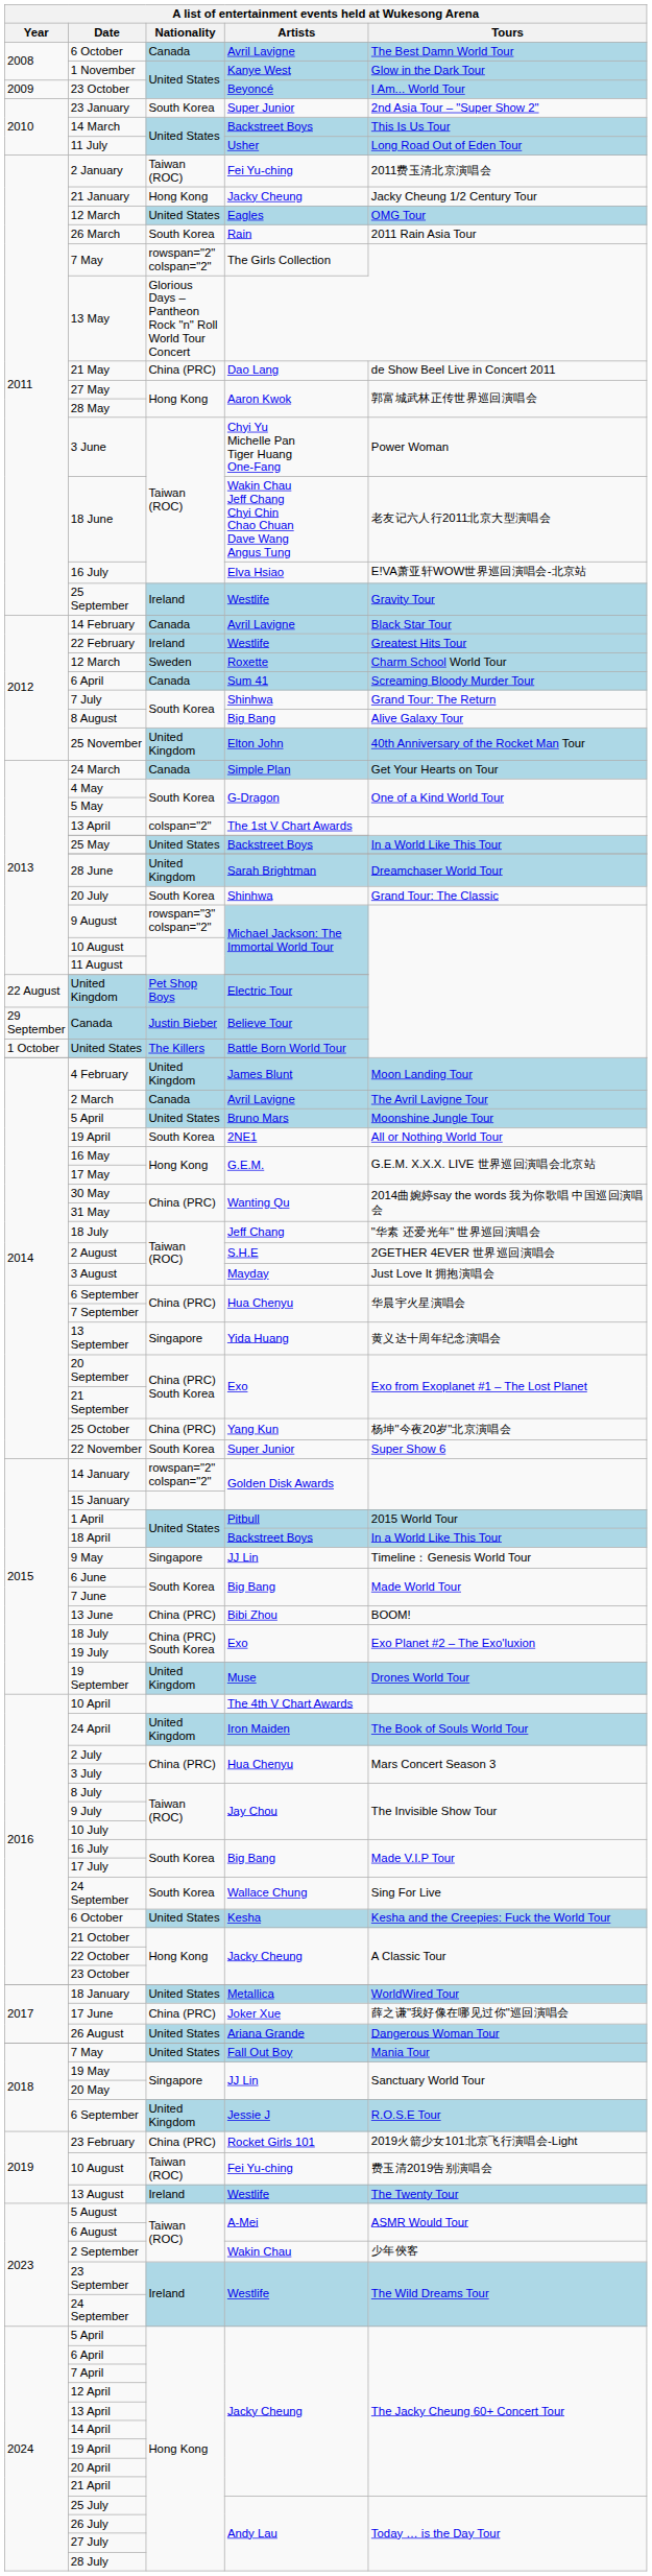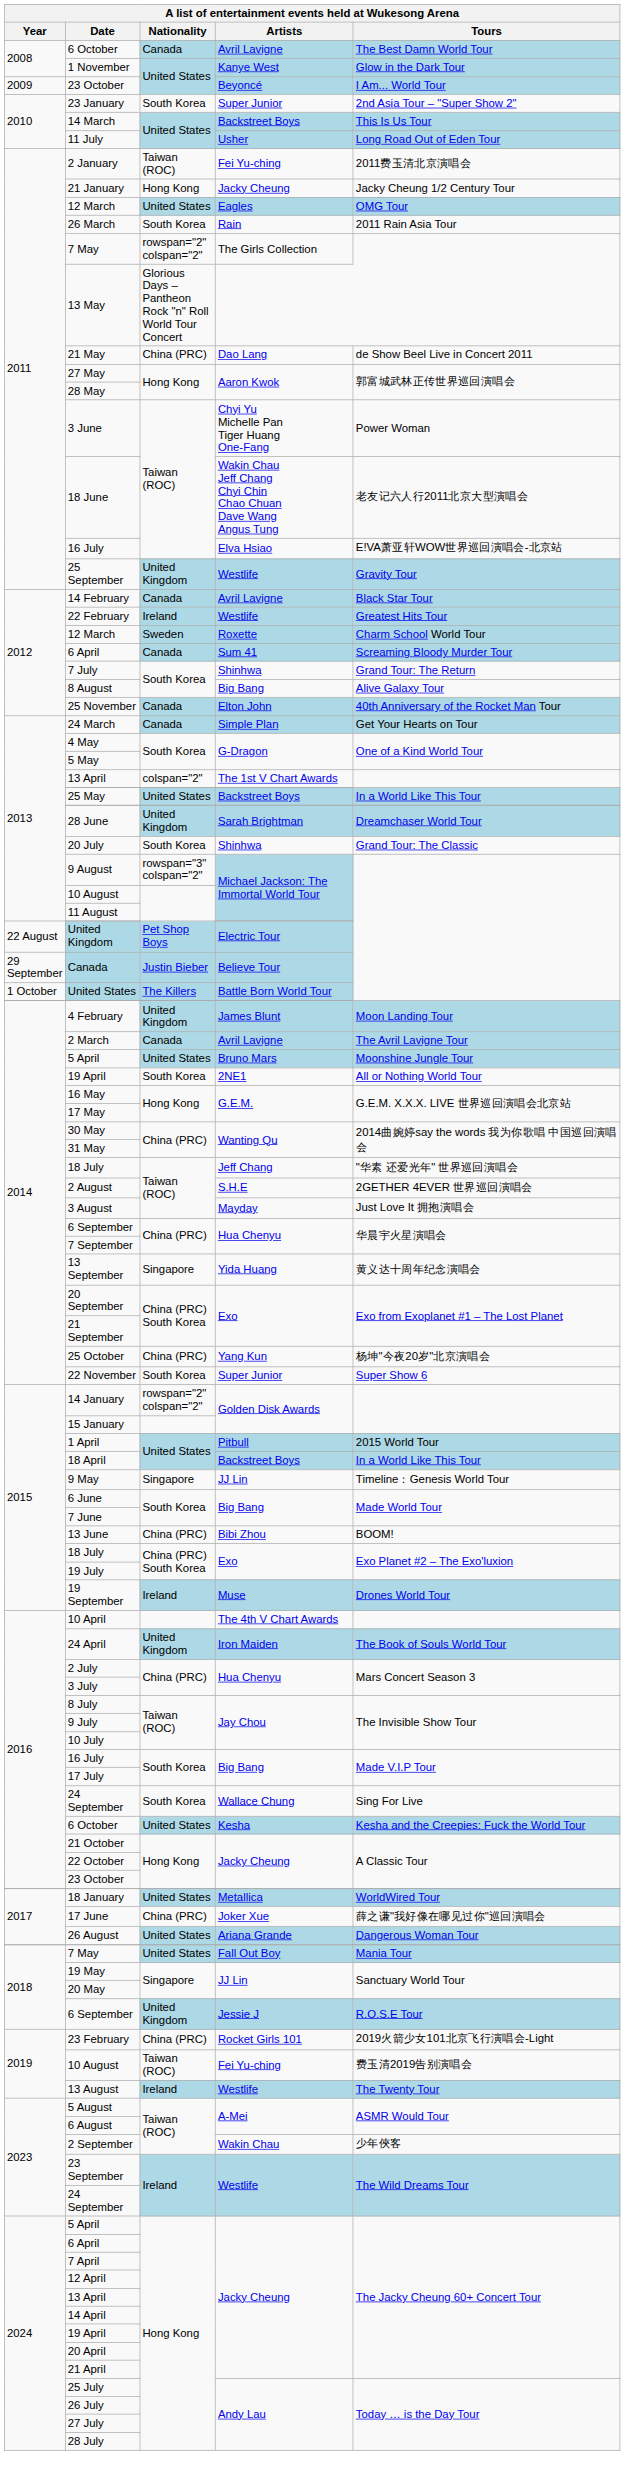 <table class="wikitable sortable">
 <tr>
 <th colspan=5>A list of entertainment events held at Wukesong Arena</th>
 </tr>
 <tr>
 <th width=50>Year</th>
 <th width=100>Date</th>
 <th width=100>Nationality</th>
 <th width=200>Artists</th>
 <th width=400>Tours</th>
 </tr>
 <tr>
 <td rowspan="2">2008</td>
 <td>6 October</td>
 <td style="background:lightblue;">Canada</td>
 <td style="background:lightblue;"><a href='#'>Avril Lavigne</a></td>
 <td style="background:lightblue;"><a href='#'>The Best Damn World Tour</a></td>
 </tr>
 <tr>
 <td>1 November</td>
 <td rowspan="2" style="background:lightblue;">United States</td>
 <td style="background:lightblue;"><a href='#'>Kanye West</a></td>
 <td style="background:lightblue;"><a href='#'>Glow in the Dark Tour</a></td>
 </tr>
 <tr>
 <td>2009</td>
 <td>23 October</td>
 <td style="background:lightblue;"><a href='#'>Beyoncé</a></td>
 <td style="background:lightblue;"><a href='#'>I Am... World Tour</a></td>
 </tr>
 <tr>
 <td rowspan="3">2010</td>
 <td>23 January</td>
 <td>South Korea</td>
 <td><a href='#'>Super Junior</a></td>
 <td><a href='#'>2nd Asia Tour – "Super Show 2"</a></td>
 </tr>
 <tr>
 <td>14 March</td>
 <td rowspan="2" style="background:lightblue;">United States</td>
 <td style="background:lightblue;"><a href='#'>Backstreet Boys</a></td>
 <td style="background:lightblue;"><a href='#'>This Is Us Tour</a></td>
 </tr>
 <tr>
 <td>11 July</td>
 <td style="background:lightblue;"><a href='#'>Usher</a></td>
 <td style="background:lightblue;"><a href='#'>Long Road Out of Eden Tour</a></td>
 </tr>
 <tr>
 <td rowspan="13">2011</td>
 <td>2 January</td>
 <td>Taiwan (ROC)</td>
 <td><a href='#'>Fei Yu-ching</a></td>
 <td>2011费玉清北京演唱会</td>
 </tr>
 <tr>
 <td>21 January</td>
 <td>Hong Kong</td>
 <td><a href='#'>Jacky Cheung</a></td>
 <td>Jacky Cheung 1/2 Century Tour</td>
 </tr>
 <tr>
 <td>12 March</td>
 <td style="background:lightblue;">United States</td>
 <td style="background:lightblue;"><a href='#'>Eagles</a></td>
 <td style="background:lightblue;"><a href='#'>OMG Tour</a></td>
 </tr>
 <tr>
 <td>26 March</td>
 <td>South Korea</td>
 <td><a href='#'>Rain</a></td>
 <td>2011 Rain Asia Tour</td>
 </tr>
 <tr>
 <td>7 May</td>
 <td>rowspan="2" colspan="2" </td>
 <td>The Girls Collection</td>
 </tr>
 <tr>
 <td>13 May</td>
 <td>Glorious Days – Pantheon Rock "n" Roll World Tour Concert</td>
 </tr>
 <tr>
 <td>21 May</td>
 <td>China (PRC)</td>
 <td><a href='#'>Dao Lang</a></td>
 <td>de Show Beel Live in Concert 2011</td>
 </tr>
 <tr>
 <td>27 May</td>
 <td rowspan="2">Hong Kong</td>
 <td rowspan="2"><a href='#'>Aaron Kwok</a></td>
 <td rowspan="2">郭富城武林正传世界巡回演唱会</td>
 </tr>
 <tr>
 <td>28 May</td>
 </tr>
 <tr>
 <td>3 June</td>
 <td rowspan="3">Taiwan (ROC)</td>
 <td><a href='#'>Chyi Yu</a><br>Michelle Pan<br>Tiger Huang<br><a href='#'>One-Fang</a></td>
 <td>Power Woman</td>
 </tr>
 <tr>
 <td>18 June</td>
 <td><a href='#'>Wakin Chau</a><br><a href='#'>Jeff Chang</a><br><a href='#'>Chyi Chin</a><br><a href='#'>Chao Chuan</a><br><a href='#'>Dave Wang</a><br><a href='#'>Angus Tung</a></td>
 <td>老友记六人行2011北京大型演唱会</td>
 </tr>
 <tr>
 <td>16 July</td>
 <td><a href='#'>Elva Hsiao</a></td>
 <td>E!VA萧亚轩WOW世界巡回演唱会-北京站</td>
 </tr>
 <tr>
 <td>25 September</td>
-<td style="background:lightblue;">Ireland</td>
+<td style="background:lightblue;">United Kingdom</td>
 <td style="background:lightblue;"><a href='#'>Westlife</a></td>
 <td style="background:lightblue;"><a href='#'>Gravity Tour</a></td>
 </tr>
 <tr>
 <td rowspan="7">2012</td>
 <td>14 February</td>
 <td style="background:lightblue;">Canada</td>
 <td style="background:lightblue;"><a href='#'>Avril Lavigne</a></td>
 <td style="background:lightblue;"><a href='#'>Black Star Tour</a></td>
 </tr>
 <tr>
 <td>22 February</td>
 <td style="background:lightblue;">Ireland</td>
 <td style="background:lightblue;"><a href='#'>Westlife</a></td>
 <td style="background:lightblue;"><a href='#'>Greatest Hits Tour</a></td>
 </tr>
 <tr>
 <td>12 March</td>
 <td style="background:lightblue;">Sweden</td>
 <td style="background:lightblue;"><a href='#'>Roxette</a></td>
 <td style="background:lightblue;"><a href='#'>Charm School</a> World Tour</td>
 </tr>
 <tr>
 <td>6 April</td>
 <td style="background:lightblue;">Canada</td>
 <td style="background:lightblue;"><a href='#'>Sum 41</a></td>
 <td style="background:lightblue;"><a href='#'>Screaming Bloody Murder Tour</a></td>
 </tr>
 <tr>
 <td>7 July</td>
 <td rowspan="2">South Korea</td>
 <td><a href='#'>Shinhwa</a></td>
 <td><a href='#'>Grand Tour: The Return</a></td>
 </tr>
 <tr>
 <td>8 August</td>
 <td><a href='#'>Big Bang</a></td>
 <td><a href='#'>Alive Galaxy Tour</a></td>
 </tr>
 <tr>
 <td>25 November</td>
-<td style="background:lightblue;">United Kingdom</td>
+<td style="background:lightblue;">Canada</td>
 <td style="background:lightblue;"><a href='#'>Elton John</a></td>
 <td style="background:lightblue;"><a href='#'>40th Anniversary of the Rocket Man</a> Tour</td>
 </tr>
 <tr>
 <td rowspan="13">2013</td>
 <td>24 March</td>
 <td style="background:lightblue;">Canada</td>
 <td style="background:lightblue;"><a href='#'>Simple Plan</a></td>
 <td style="background:lightblue;">Get Your Hearts on Tour</td>
 </tr>
 <tr>
 <td>4 May</td>
 <td rowspan="2">South Korea</td>
 <td rowspan="2"><a href='#'>G-Dragon</a></td>
 <td rowspan="2"><a href='#'>One of a Kind World Tour</a></td>
 </tr>
 <tr>
 <td>5 May</td>
 </tr>
 <tr>
 <td>13 April</td>
 <td>colspan="2" </td>
 <td><a href='#'>The 1st V Chart Awards</a></td>
 </tr>
 <tr>
 </tr>
 <tr>
 <td>25 May</td>
 <td style="background:lightblue;">United States</td>
 <td style="background:lightblue;"><a href='#'>Backstreet Boys</a></td>
 <td style="background:lightblue;"><a href='#'>In a World Like This Tour</a></td>
 </tr>
 <tr>
 </tr>
 <tr>
 <td>28 June</td>
 <td style="background:lightblue;">United Kingdom</td>
 <td style="background:lightblue;"><a href='#'>Sarah Brightman</a></td>
 <td style="background:lightblue;"><a href='#'>Dreamchaser World Tour</a></td>
 </tr>
 <tr>
 <td>20 July</td>
 <td>South Korea</td>
 <td><a href='#'>Shinhwa</a></td>
 <td><a href='#'>Grand Tour: The Classic</a></td>
 </tr>
 <tr>
 <td>9 August</td>
 <td>rowspan="3" colspan="2" </td>
 <td style="background:lightblue;" rowspan="3"><a href='#'>Michael Jackson: The Immortal World Tour</a></td>
 </tr>
 <tr>
 <td>10 August</td>
 </tr>
 <tr>
 <td>11 August</td>
 </tr>
 <tr>
 </tr>
 <tr>
 <td>22 August</td>
 <td style="background:lightblue;">United Kingdom</td>
 <td style="background:lightblue;"><a href='#'>Pet Shop Boys</a></td>
 <td style="background:lightblue;"><a href='#'>Electric Tour</a></td>
 </tr>
 <tr>
 <td>29 September</td>
 <td style="background:lightblue;">Canada</td>
 <td style="background:lightblue;"><a href='#'>Justin Bieber</a></td>
 <td style="background:lightblue;"><a href='#'>Believe Tour</a></td>
 </tr>
 <tr>
 <td>1 October</td>
 <td style="background:lightblue;">United States</td>
 <td style="background:lightblue;"><a href='#'>The Killers</a></td>
 <td style="background:lightblue;"><a href='#'>Battle Born World Tour</a></td>
 </tr>
 <tr>
 </tr>
 <tr>
 <td rowspan="18">2014</td>
 <td>4 February</td>
 <td style="background:lightblue;">United Kingdom</td>
 <td style="background:lightblue;"><a href='#'>James Blunt</a></td>
 <td style="background:lightblue;"><a href='#'>Moon Landing Tour</a></td>
 </tr>
 <tr>
 <td>2 March</td>
 <td style="background:lightblue;">Canada</td>
 <td style="background:lightblue;"><a href='#'>Avril Lavigne</a></td>
 <td style="background:lightblue;"><a href='#'>The Avril Lavigne Tour</a></td>
 </tr>
 <tr>
 <td>5 April</td>
 <td style="background:lightblue;">United States</td>
 <td style="background:lightblue;"><a href='#'>Bruno Mars</a></td>
 <td style="background:lightblue;"><a href='#'>Moonshine Jungle Tour</a></td>
 </tr>
 <tr>
 <td>19 April</td>
 <td>South Korea</td>
 <td><a href='#'>2NE1</a></td>
 <td><a href='#'>All or Nothing World Tour</a></td>
 </tr>
 <tr>
 <td>16 May</td>
 <td rowspan="2">Hong Kong</td>
 <td rowspan="2"><a href='#'>G.E.M.</a></td>
 <td rowspan="2">G.E.M. X.X.X. LIVE 世界巡回演唱会北京站</td>
 </tr>
 <tr>
 <td>17 May</td>
 </tr>
 <tr>
 <td>30 May</td>
 <td rowspan="2">China (PRC)</td>
 <td rowspan="2"><a href='#'>Wanting Qu</a></td>
 <td rowspan="2">2014曲婉婷say the words 我为你歌唱 中国巡回演唱会</td>
 </tr>
 <tr>
 <td>31 May</td>
 </tr>
 <tr>
 <td>18 July</td>
 <td rowspan="3">Taiwan (ROC)</td>
 <td><a href='#'>Jeff Chang</a></td>
 <td>"华素 还爱光年" 世界巡回演唱会</td>
 </tr>
 <tr>
 <td>2 August</td>
 <td><a href='#'>S.H.E</a></td>
 <td>2GETHER 4EVER 世界巡回演唱会</td>
 </tr>
 <tr>
 <td>3 August</td>
 <td><a href='#'>Mayday</a></td>
 <td>Just Love It 拥抱演唱会</td>
 </tr>
 <tr>
 <td>6 September</td>
 <td rowspan="2">China (PRC)</td>
 <td rowspan="2"><a href='#'>Hua Chenyu</a></td>
 <td rowspan="2">华晨宇火星演唱会</td>
 </tr>
 <tr>
 <td>7 September</td>
 </tr>
 <tr>
 <td>13 September</td>
 <td>Singapore</td>
 <td><a href='#'>Yida Huang</a></td>
 <td>黄义达十周年纪念演唱会</td>
 </tr>
 <tr>
 <td>20 September</td>
 <td rowspan="2">China (PRC)<br>South Korea</td>
 <td rowspan="2"><a href='#'>Exo</a></td>
 <td rowspan="2"><a href='#'>Exo from Exoplanet #1 – The Lost Planet</a></td>
 </tr>
 <tr>
 <td>21 September</td>
 </tr>
 <tr>
 <td>25 October</td>
 <td>China (PRC)</td>
 <td><a href='#'>Yang Kun</a></td>
 <td>杨坤"今夜20岁"北京演唱会</td>
 </tr>
 <tr>
 <td>22 November</td>
 <td>South Korea</td>
 <td><a href='#'>Super Junior</a></td>
 <td><a href='#'>Super Show 6</a></td>
 </tr>
 <tr>
 <td rowspan="11">2015</td>
 <td>14 January</td>
 <td>rowspan="2" colspan="2" </td>
 <td rowspan="2"><a href='#'>Golden Disk Awards</a></td>
 </tr>
 <tr>
 <td>15 January</td>
 </tr>
 <tr>
 <td>1 April</td>
 <td rowspan="2" style="background:lightblue;">United States</td>
 <td style="background:lightblue;"><a href='#'>Pitbull</a></td>
 <td style="background:lightblue;">2015 World Tour</td>
 </tr>
 <tr>
 <td>18 April</td>
 <td style="background:lightblue;"><a href='#'>Backstreet Boys</a></td>
 <td style="background:lightblue;"><a href='#'>In a World Like This Tour</a></td>
 </tr>
 <tr>
 <td>9 May</td>
 <td>Singapore</td>
 <td><a href='#'>JJ Lin</a></td>
 <td>Timeline：Genesis World Tour</td>
 </tr>
 <tr>
 <td>6 June</td>
 <td rowspan="2">South Korea</td>
 <td rowspan="2"><a href='#'>Big Bang</a></td>
 <td rowspan="2"><a href='#'>Made World Tour</a></td>
 </tr>
 <tr>
 <td>7 June</td>
 </tr>
 <tr>
 <td>13 June</td>
 <td>China (PRC)</td>
 <td><a href='#'>Bibi Zhou</a></td>
 <td>BOOM!</td>
 </tr>
 <tr>
 <td>18 July</td>
 <td rowspan="2">China (PRC)<br>South Korea</td>
 <td rowspan="2"><a href='#'>Exo</a></td>
 <td rowspan="2"><a href='#'>Exo Planet #2 – The Exo'luxion</a></td>
 </tr>
 <tr>
 <td>19 July</td>
 </tr>
 <tr>
 <td>19 September</td>
-<td style="background:lightblue;">United Kingdom</td>
+<td style="background:lightblue;">Ireland</td>
 <td style="background:lightblue;"><a href='#'>Muse</a></td>
 <td style="background:lightblue;"><a href='#'>Drones World Tour</a></td>
 </tr>
 <tr>
 <td rowspan="14">2016</td>
 <td>10 April</td>
 <td></td>
 <td><a href='#'>The 4th V Chart Awards</a></td>
 </tr>
 <tr>
 <td>24 April</td>
 <td style="background:lightblue;">United Kingdom</td>
 <td style="background:lightblue;"><a href='#'>Iron Maiden</a></td>
 <td style="background:lightblue;"><a href='#'>The Book of Souls World Tour</a></td>
 </tr>
 <tr>
 <td>2 July</td>
 <td rowspan="2">China (PRC)</td>
 <td rowspan="2"><a href='#'>Hua Chenyu</a></td>
 <td rowspan="2">Mars Concert Season 3</td>
 </tr>
 <tr>
 <td>3 July</td>
 </tr>
 <tr>
 <td>8 July</td>
 <td rowspan="3">Taiwan (ROC)</td>
 <td rowspan="3"><a href='#'>Jay Chou</a></td>
 <td rowspan="3">The Invisible Show Tour</td>
 </tr>
 <tr>
 <td>9 July</td>
 </tr>
 <tr>
 <td>10 July</td>
 </tr>
 <tr>
 <td>16 July</td>
 <td rowspan="2">South Korea</td>
 <td rowspan="2"><a href='#'>Big Bang</a></td>
 <td rowspan="2"><a href='#'>Made V.I.P Tour</a></td>
 </tr>
 <tr>
 <td>17 July</td>
 </tr>
 <tr>
 <td>24 September</td>
 <td>South Korea</td>
 <td><a href='#'>Wallace Chung</a></td>
 <td>Sing For Live</td>
 </tr>
 <tr>
 <td>6 October</td>
 <td style="background:lightblue;">United States</td>
 <td style="background:lightblue;"><a href='#'>Kesha</a></td>
 <td style="background:lightblue;"><a href='#'>Kesha and the Creepies: Fuck the World Tour</a></td>
 </tr>
 <tr>
 <td>21 October</td>
 <td rowspan="3">Hong Kong</td>
 <td rowspan="3"><a href='#'>Jacky Cheung</a></td>
 <td rowspan="3">A Classic Tour</td>
 </tr>
 <tr>
 <td>22 October</td>
 </tr>
 <tr>
 <td>23 October</td>
 </tr>
 <tr>
 </tr>
 <tr>
 <td rowspan="3">2017</td>
 <td>18 January</td>
 <td style="background:lightblue;">United States</td>
 <td style="background:lightblue;"><a href='#'>Metallica</a></td>
 <td style="background:lightblue;"><a href='#'>WorldWired Tour</a></td>
 </tr>
 <tr>
 <td>17 June</td>
 <td>China (PRC)</td>
 <td><a href='#'>Joker Xue</a></td>
 <td>薛之谦"我好像在哪见过你"巡回演唱会</td>
 </tr>
 <tr>
 <td>26 August</td>
 <td style="background:lightblue;">United States</td>
 <td style="background:lightblue;"><a href='#'>Ariana Grande</a></td>
 <td style="background:lightblue;"><a href='#'>Dangerous Woman Tour</a></td>
 </tr>
 <tr>
 </tr>
 <tr>
 <td rowspan="4">2018</td>
 <td>7 May</td>
 <td style="background:lightblue;">United States</td>
 <td style="background:lightblue;"><a href='#'>Fall Out Boy</a></td>
 <td style="background:lightblue;"><a href='#'>Mania Tour</a></td>
 </tr>
 <tr>
 <td>19 May</td>
 <td rowspan="2">Singapore</td>
 <td rowspan="2"><a href='#'>JJ Lin</a></td>
 <td rowspan="2">Sanctuary World Tour</td>
 </tr>
 <tr>
 <td>20 May</td>
 </tr>
 <tr>
 <td>6 September</td>
 <td style="background:lightblue;">United Kingdom</td>
 <td style="background:lightblue;"><a href='#'>Jessie J</a></td>
 <td style="background:lightblue;"><a href='#'>R.O.S.E Tour</a></td>
 </tr>
 <tr>
 <td rowspan="3">2019</td>
 <td>23 February</td>
 <td>China (PRC)</td>
 <td><a href='#'>Rocket Girls 101</a></td>
 <td>2019火箭少女101北京飞行演唱会-Light</td>
 </tr>
 <tr>
 <td>10 August</td>
 <td>Taiwan (ROC)</td>
 <td><a href='#'>Fei Yu-ching</a></td>
 <td>费玉清2019告别演唱会</td>
 </tr>
 <tr>
 <td>13 August</td>
 <td style="background:lightblue;">Ireland</td>
 <td style="background:lightblue;"><a href='#'>Westlife</a></td>
 <td style="background:lightblue;"><a href='#'>The Twenty Tour</a></td>
 </tr>
 <tr>
 <td rowspan="5">2023</td>
 <td>5 August</td>
 <td rowspan="3">Taiwan (ROC)</td>
 <td rowspan="2"><a href='#'>A-Mei</a></td>
 <td rowspan="2"><a href='#'>ASMR Would Tour</a></td>
 </tr>
 <tr>
 <td>6 August</td>
 </tr>
 <tr>
 <td>2 September</td>
 <td><a href='#'>Wakin Chau</a></td>
 <td>少年俠客</td>
 </tr>
 <tr>
 <td>23 September</td>
 <td rowspan="2" style="background:lightblue;">Ireland</td>
 <td rowspan="2" style="background:lightblue;"><a href='#'>Westlife</a></td>
 <td rowspan="2" style="background:lightblue;"><a href='#'>The Wild Dreams Tour</a></td>
 </tr>
 <tr>
 <td>24 September</td>
 </tr>
 <tr>
 <td rowspan="13">2024</td>
 <td>5 April</td>
 <td rowspan="13">Hong Kong</td>
 <td rowspan="9"><a href='#'>Jacky Cheung</a></td>
 <td rowspan="9"><a href='#'>The Jacky Cheung 60+ Concert Tour</a></td>
 </tr>
 <tr>
 <td>6 April</td>
 </tr>
 <tr>
 <td>7 April</td>
 </tr>
 <tr>
 <td>12 April</td>
 </tr>
 <tr>
 <td>13 April</td>
 </tr>
 <tr>
 <td>14 April</td>
 </tr>
 <tr>
 <td>19 April</td>
 </tr>
 <tr>
 <td>20 April</td>
 </tr>
 <tr>
 <td>21 April</td>
 </tr>
 <tr>
 <td>25 July</td>
 <td rowspan="4"><a href='#'>Andy Lau</a></td>
 <td rowspan="4"><a href='#'>Today … is the Day Tour</a></td>
 </tr>
 <tr>
 <td>26 July</td>
 </tr>
 <tr>
 <td>27 July</td>
 </tr>
 <tr>
 <td>28 July</td>
 </tr>
 </table>
